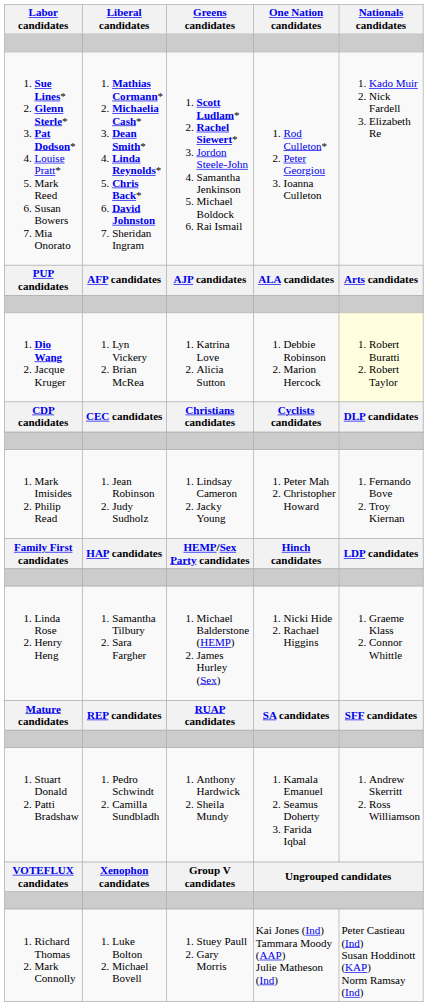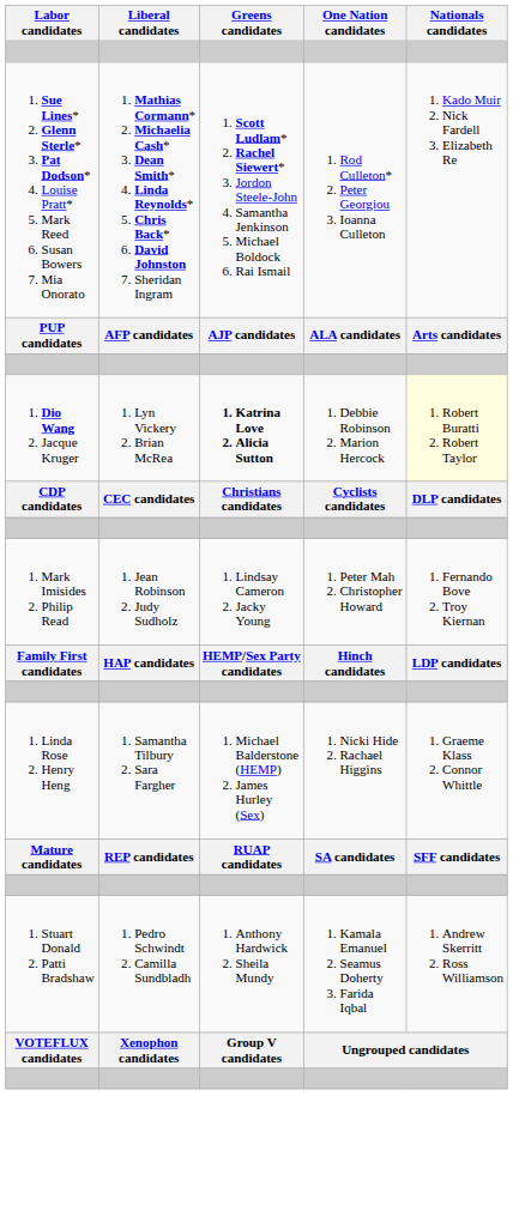 <table class="wikitable">
 <tr>
 <th><a href='#'>Labor</a> candidates</th>
 <th><a href='#'>Liberal</a> candidates</th>
 <th><a href='#'>Greens</a> candidates</th>
 <th><a href='#'>One Nation</a> candidates</th>
 <th><a href='#'>Nationals</a> candidates</th>
 </tr>
 <tr style="background:#ccc;">
 <td> </td>
 <td> </td>
 <td> </td>
 <td> </td>
 <td></td>
 </tr>
 <tr>
 <td><br><ol><li><strong><a href='#'>Sue Lines</a></strong>*</li><li><strong><a href='#'>Glenn Sterle</a></strong>*</li><li><strong><a href='#'>Pat Dodson</a></strong>*</li><li><a href='#'>Louise Pratt</a>*</li><li>Mark Reed</li><li>Susan Bowers</li><li>Mia Onorato</li></ol></td>
 <td><br><ol><li><strong><a href='#'>Mathias Cormann</a></strong>*</li><li><strong><a href='#'>Michaelia Cash</a></strong>*</li><li><strong><a href='#'>Dean Smith</a></strong>*</li><li><strong><a href='#'>Linda Reynolds</a></strong>*</li><li><strong><a href='#'>Chris Back</a></strong>*</li><li><strong><a href='#'>David Johnston</a></strong></li><li>Sheridan Ingram</li></ol></td>
 <td><br><ol><li><strong><a href='#'>Scott Ludlam</a></strong>*</li><li><strong><a href='#'>Rachel Siewert</a></strong>*</li><li><a href='#'>Jordon Steele-John</a></li><li>Samantha Jenkinson</li><li>Michael Boldock</li><li>Rai Ismail</li></ol></td>
 <td><br><ol><li><a href='#'>Rod Culleton</a>*</li><li><a href='#'>Peter Georgiou</a></li><li>Ioanna Culleton</li></ol></td>
 <td valign=top><br><ol><li><a href='#'>Kado Muir</a></li><li>Nick Fardell</li><li>Elizabeth Re</li></ol></td>
 </tr>
 <tr style="background:#ccc;">
 <th><a href='#'>PUP</a> candidates</th>
 <th><a href='#'>AFP</a> candidates</th>
 <th><a href='#'>AJP</a> candidates</th>
 <th><a href='#'>ALA</a> candidates</th>
 <th><a href='#'>Arts</a> candidates</th>
 </tr>
 <tr style="background:#ccc;">
 <td> </td>
 <td> </td>
 <td> </td>
 <td> </td>
 <td> </td>
 </tr>
 <tr>
 <td valign=top><br><ol><li><strong><a href='#'>Dio Wang</a></strong></li><li>Jacque Kruger</li></ol></td>
 <td valign=top><br><ol><li>Lyn Vickery</li><li>Brian McRea</li></ol></td>
-<td valign=top><br><ol><li>Katrina Love</li><li>Alicia Sutton</li></ol></td>
+<td valign=top><strong><br><ol><li>Katrina Love</li><li>Alicia Sutton</li></ol></strong></td>
 <td valign=top><br><ol><li>Debbie Robinson</li><li>Marion Hercock</li></ol></td>
 <td valign=top style="background: lightyellow;"><br><ol><li>Robert Buratti</li><li>Robert Taylor</li></ol></td>
 </tr>
 <tr style="background:#ccc;">
 <th><a href='#'>CDP</a> candidates</th>
 <th><a href='#'>CEC</a> candidates</th>
 <th><a href='#'>Christians</a> candidates</th>
 <th><a href='#'>Cyclists</a> candidates</th>
 <th><a href='#'>DLP</a> candidates</th>
 </tr>
 <tr style="background:#ccc;">
 <td> </td>
 <td> </td>
 <td> </td>
 <td> </td>
 <td> </td>
 </tr>
 <tr>
 <td valign=top><br><ol><li>Mark Imisides</li><li>Philip Read</li></ol></td>
 <td valign=top><br><ol><li>Jean Robinson</li><li>Judy Sudholz</li></ol></td>
 <td valign=top><br><ol><li>Lindsay Cameron</li><li>Jacky Young</li></ol></td>
 <td valign=top><br><ol><li>Peter Mah</li><li>Christopher Howard</li></ol></td>
 <td valign=top><br><ol><li>Fernando Bove</li><li>Troy Kiernan</li></ol></td>
 </tr>
 <tr style="background:#ccc;">
 <th><a href='#'>Family First</a> candidates</th>
 <th><a href='#'>HAP</a> candidates</th>
 <th><a href='#'>HEMP</a>/<a href='#'>Sex Party</a> candidates</th>
 <th><a href='#'>Hinch</a> candidates</th>
 <th><a href='#'>LDP</a> candidates</th>
 </tr>
 <tr style="background:#ccc;">
 <td> </td>
 <td> </td>
 <td> </td>
 <td> </td>
 <td> </td>
 </tr>
 <tr>
 <td valign=top><br><ol><li>Linda Rose</li><li>Henry Heng</li></ol></td>
 <td valign=top><br><ol><li>Samantha Tilbury</li><li>Sara Fargher</li></ol></td>
 <td valign=top><br><ol><li>Michael Balderstone (<a href='#'>HEMP</a>)</li><li>James Hurley (<a href='#'>Sex</a>)</li></ol></td>
 <td valign=top><br><ol><li>Nicki Hide</li><li>Rachael Higgins</li></ol></td>
 <td valign=top><br><ol><li>Graeme Klass</li><li>Connor Whittle</li></ol></td>
 </tr>
 <tr style="background:#ccc;">
 <th><a href='#'>Mature</a> candidates</th>
 <th><a href='#'>REP</a> candidates</th>
 <th><a href='#'>RUAP</a> candidates</th>
 <th><a href='#'>SA</a> candidates</th>
 <th><a href='#'>SFF</a> candidates</th>
 </tr>
 <tr style="background:#ccc;">
 <td> </td>
 <td> </td>
 <td> </td>
 <td> </td>
 <td> </td>
 </tr>
 <tr>
 <td valign=top><br><ol><li>Stuart Donald</li><li>Patti Bradshaw</li></ol></td>
 <td valign=top><br><ol><li>Pedro Schwindt</li><li>Camilla Sundbladh</li></ol></td>
 <td valign=top><br><ol><li>Anthony Hardwick</li><li>Sheila Mundy</li></ol></td>
 <td valign=top><br><ol><li>Kamala Emanuel</li><li>Seamus Doherty</li><li>Farida Iqbal</li></ol></td>
 <td valign=top><br><ol><li>Andrew Skerritt</li><li>Ross Williamson</li></ol></td>
 </tr>
 <tr style="background:#ccc;">
 <th><a href='#'>VOTEFLUX</a> candidates</th>
 <th><a href='#'>Xenophon</a> candidates</th>
 <th>Group V candidates</th>
 <th colspan=2>Ungrouped candidates</th>
 </tr>
 <tr style="background:#ccc;">
 <td> </td>
 <td> </td>
 <td> </td>
 <td colspan=2> </td>
 </tr>
-<tr>
-<td valign=top><br><ol><li>Richard Thomas</li><li>Mark Connolly</li></ol></td>
-<td valign=top><br><ol><li>Luke Bolton</li><li>Michael Bovell</li></ol></td>
-<td valign=top><br><ol><li>Stuey Paull</li><li>Gary Morris</li></ol></td>
-<td valign=top><br>Kai Jones (<a href='#'>Ind</a>)<br> Tammara Moody (<a href='#'>AAP</a>)<br> Julie Matheson (<a href='#'>Ind</a>)</td>
-<td valign=top><br>Peter Castieau (<a href='#'>Ind</a>)<br> Susan Hoddinott (<a href='#'>KAP</a>)<br> Norm Ramsay (<a href='#'>Ind</a>)</td>
-</tr>
 </table>
